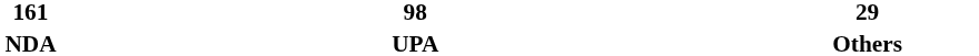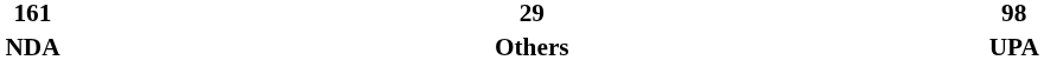 <table style="width:100%; text-align:center;">
 <tr>
 <td style="background:"><strong>161</strong></td>
+<td style="background: "><strong>29</strong></td>
 <td style="background: "><strong>98</strong></td>
-<td style="background: "><strong>29</strong></td>
 </tr>
 <tr>
 <td><span><strong>NDA</strong></span></td>
+<td><span><strong>Others</strong></span></td>
 <td><span><strong>UPA</strong></span></td>
-<td><span><strong>Others</strong></span></td>
 </tr>
 </table>
